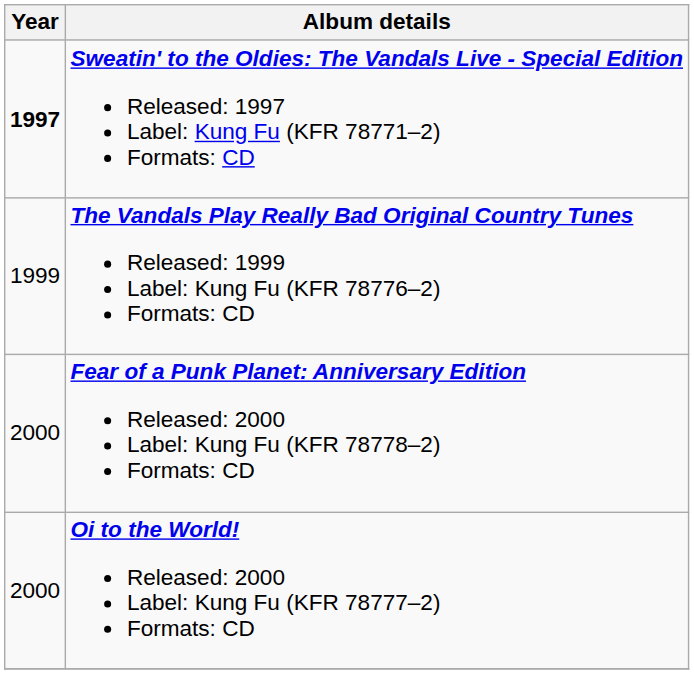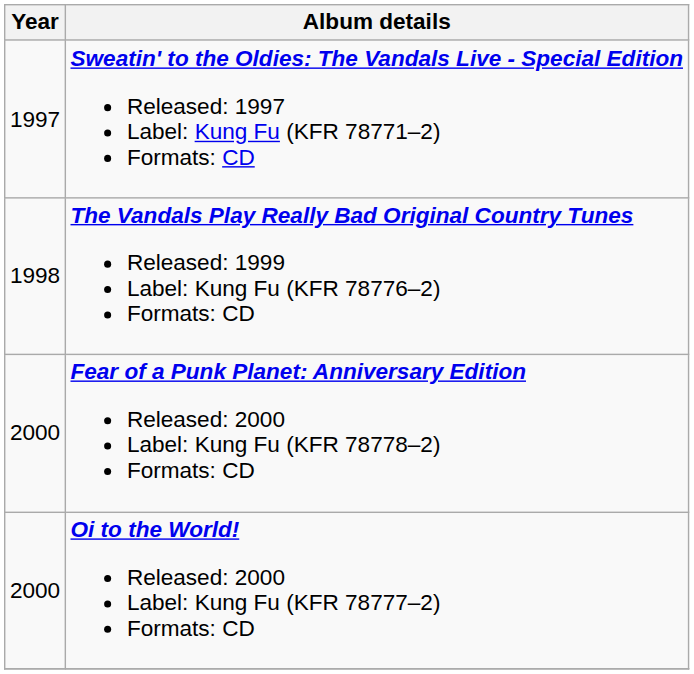 <table class ="wikitable">
 <tr>
 <th>Year</th>
 <th>Album details</th>
 </tr>
 <tr>
-<td><strong>1997</strong></td>
+<td>1997</td>
 <td><strong><em><a href='#'>Sweatin' to the Oldies: The Vandals Live - Special Edition</a></em></strong><br><ul><li>Released: 1997</li><li>Label: <a href='#'>Kung Fu</a> (KFR 78771–2)</li><li>Formats: <a href='#'>CD</a></li></ul></td>
 </tr>
 <tr>
-<td>1999</td>
+<td>1998</td>
 <td><strong><em><a href='#'>The Vandals Play Really Bad Original Country Tunes</a></em></strong><br><ul><li>Released: 1999</li><li>Label: Kung Fu (KFR 78776–2)</li><li>Formats: CD</li></ul></td>
 </tr>
 <tr>
 <td>2000</td>
 <td><strong><em><a href='#'>Fear of a Punk Planet: Anniversary Edition</a></em></strong><br><ul><li>Released: 2000</li><li>Label: Kung Fu (KFR 78778–2)</li><li>Formats: CD</li></ul></td>
 </tr>
 <tr>
 <td>2000</td>
 <td><strong><em><a href='#'>Oi to the World!</a></em></strong><br><ul><li>Released: 2000</li><li>Label: Kung Fu (KFR 78777–2)</li><li>Formats: CD</li></ul></td>
 </tr>
 <tr>
 </tr>
 </table>
